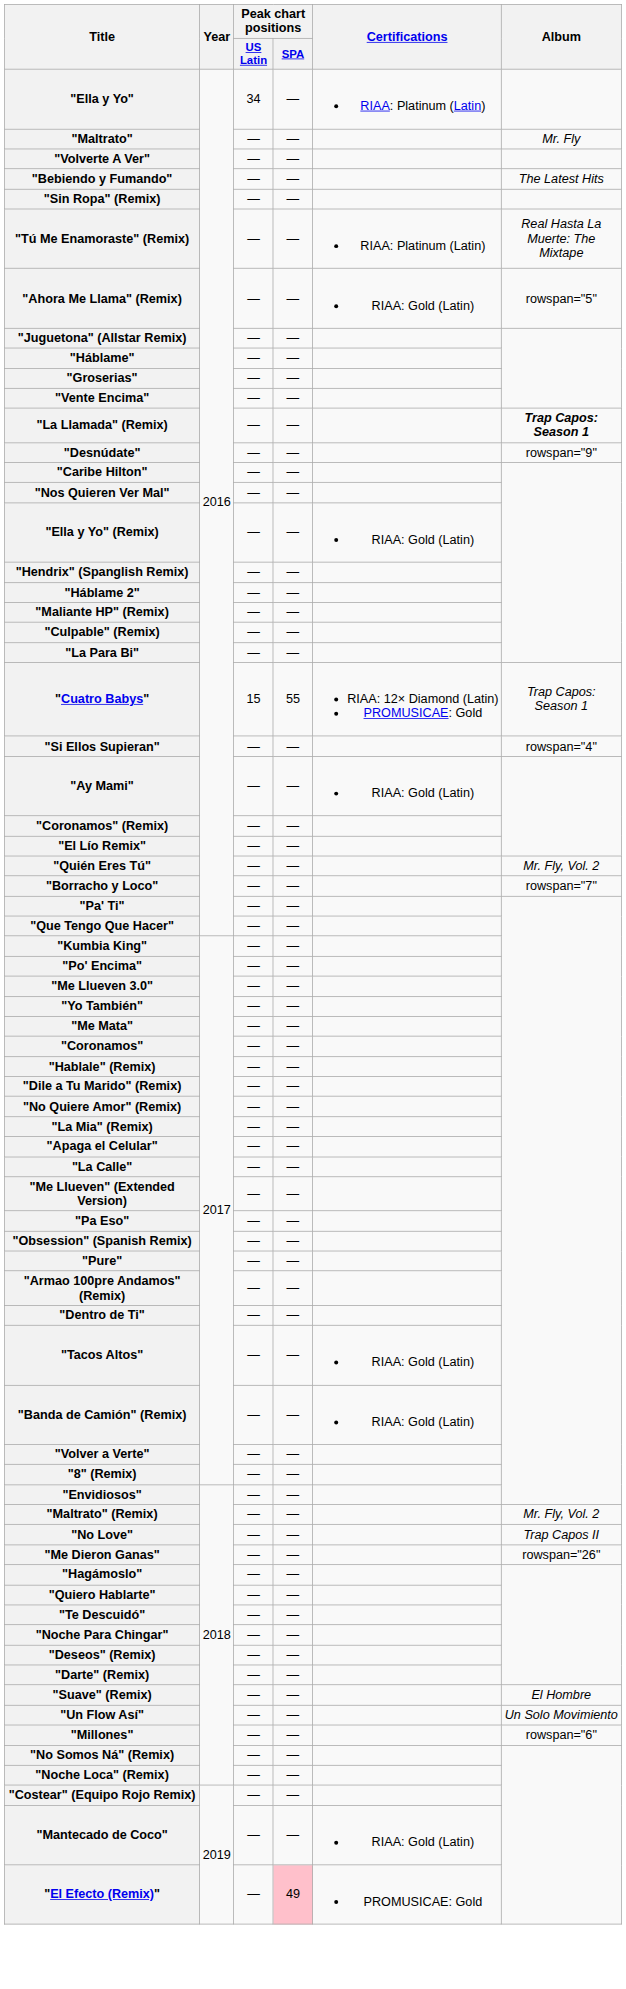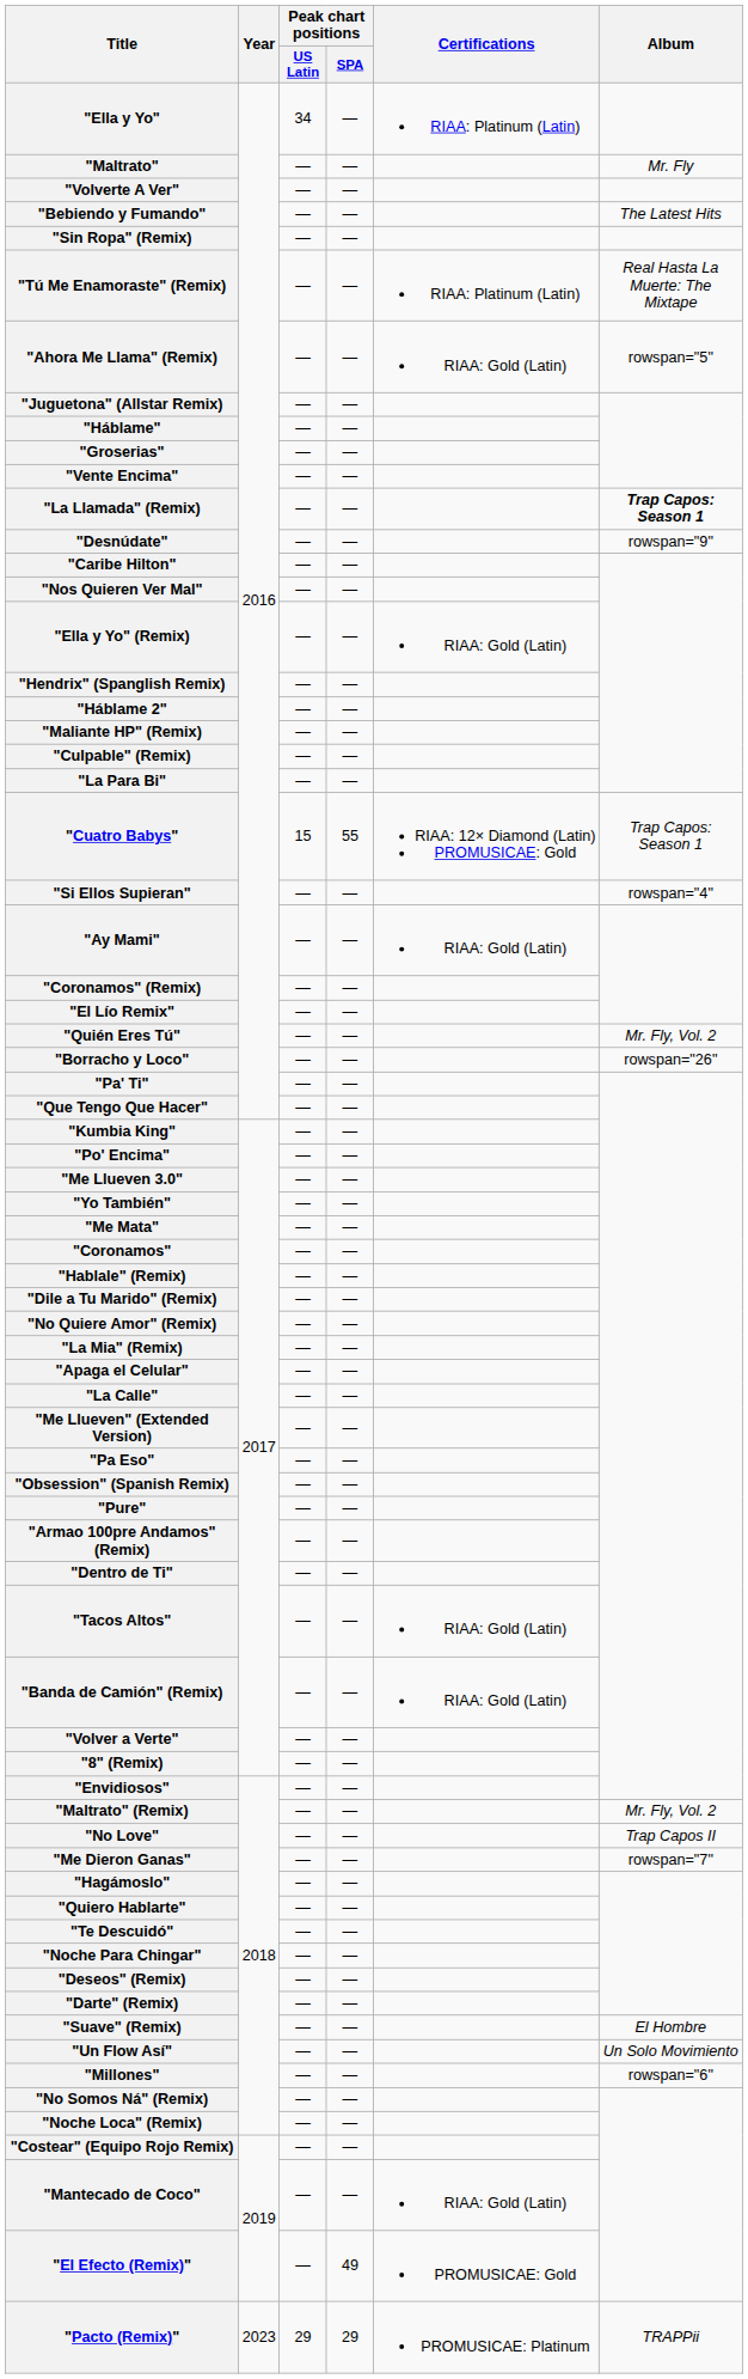 <table class="wikitable plainrowheaders" style="text-align:center;">
 <tr>
 <th scope="col" rowspan="2" style="width:15em;">Title</th>
 <th scope="col" rowspan="2" style="width:1em;">Year</th>
 <th scope="col" colspan="2">Peak chart positions</th>
 <th scope="col" rowspan="2"><a href='#'>Certifications</a></th>
 <th scope="col" rowspan="2" style="width:9em;">Album</th>
 </tr>
 <tr>
 <th scope="col" style="width:3em;font-size:90%;"><a href='#'>US<br>Latin</a><br></th>
 <th scope="col" style="width:3em;font-size:90%;"><a href='#'>SPA</a><br></th>
 </tr>
 <tr>
 <th scope="row">"Ella y Yo"<br></th>
 <td rowspan="30">2016</td>
 <td>34</td>
 <td>—</td>
 <td><br><ul><li><a href='#'>RIAA</a>: Platinum <span>(<a href='#'>Latin</a>)</span></li></ul></td>
 <td></td>
 </tr>
 <tr>
 <th scope="row">"Maltrato"<br></th>
 <td>—</td>
 <td>—</td>
 <td></td>
 <td><em>Mr. Fly</em></td>
 </tr>
 <tr>
 <th scope="row">"Volverte A Ver"<br></th>
 <td>—</td>
 <td>—</td>
 <td></td>
 <td></td>
 </tr>
 <tr>
 <th scope="row">"Bebiendo y Fumando"<br></th>
 <td>—</td>
 <td>—</td>
 <td></td>
 <td><em>The Latest Hits</em></td>
 </tr>
 <tr>
 <th scope="row">"Sin Ropa" (Remix)<br></th>
 <td>—</td>
 <td>—</td>
 <td></td>
 <td></td>
 </tr>
 <tr>
 <th scope="row">"Tú Me Enamoraste" (Remix)<br></th>
 <td>—</td>
 <td>—</td>
 <td><br><ul><li>RIAA: Platinum <span>(Latin)</span></li></ul></td>
 <td><em>Real Hasta La Muerte: The Mixtape</em></td>
 </tr>
 <tr>
 <th scope="row">"Ahora Me Llama" (Remix)<br></th>
 <td>—</td>
 <td>—</td>
 <td><br><ul><li>RIAA: Gold <span>(Latin)</span></li></ul></td>
 <td>rowspan="5" </td>
 </tr>
 <tr>
 <th scope="row">"Juguetona" (Allstar Remix)<br></th>
 <td>—</td>
 <td>—</td>
 <td></td>
 </tr>
 <tr>
 <th scope="row">"Háblame"<br></th>
 <td>—</td>
 <td>—</td>
 <td></td>
 </tr>
 <tr>
 <th scope="row">"Groserias"<br></th>
 <td>—</td>
 <td>—</td>
 <td></td>
 </tr>
 <tr>
 <th scope="row">"Vente Encima"<br></th>
 <td>—</td>
 <td>—</td>
 <td></td>
 </tr>
 <tr>
 <th scope="row">"La Llamada" (Remix)<br></th>
 <td>—</td>
 <td>—</td>
 <td></td>
 <td><strong><em>Trap Capos: Season 1</em></strong></td>
 </tr>
 <tr>
 <th scope="row">"Desnúdate"<br></th>
 <td>—</td>
 <td>—</td>
 <td></td>
 <td>rowspan="9" </td>
 </tr>
 <tr>
 <th scope="row">"Caribe Hilton"<br></th>
 <td>—</td>
 <td>—</td>
 <td></td>
 </tr>
 <tr>
 <th scope="row">"Nos Quieren Ver Mal"<br></th>
 <td>—</td>
 <td>—</td>
 <td></td>
 </tr>
 <tr>
 <th scope="row">"Ella y Yo" (Remix)<br></th>
 <td>—</td>
 <td>—</td>
 <td><br><ul><li>RIAA: Gold <span>(Latin)</span></li></ul></td>
 </tr>
 <tr>
 <th scope="row">"Hendrix" (Spanglish Remix)<br></th>
 <td>—</td>
 <td>—</td>
 <td></td>
 </tr>
 <tr>
 <th scope="row">"Háblame 2"<br></th>
 <td>—</td>
 <td>—</td>
 <td></td>
 </tr>
 <tr>
 <th scope="row">"Maliante HP" (Remix)<br></th>
 <td>—</td>
 <td>—</td>
 <td></td>
 </tr>
 <tr>
 <th scope="row">"Culpable" (Remix)<br></th>
 <td>—</td>
 <td>—</td>
 <td></td>
 </tr>
 <tr>
 <th scope="row">"La Para Bi"<br></th>
 <td>—</td>
 <td>—</td>
 <td></td>
 </tr>
 <tr>
 <th scope="row">"<a href='#'>Cuatro Babys</a>"<br></th>
 <td>15</td>
 <td>55</td>
 <td><br><ul><li>RIAA: 12× Diamond <span>(Latin)</span></li><li><a href='#'>PROMUSICAE</a>: Gold</li></ul></td>
 <td><em>Trap Capos: Season 1</em></td>
 </tr>
 <tr>
 <th scope="row">"Si Ellos Supieran"<br></th>
 <td>—</td>
 <td>—</td>
 <td></td>
 <td>rowspan="4" </td>
 </tr>
 <tr>
 <th scope="row">"Ay Mami"<br></th>
 <td>—</td>
 <td>—</td>
 <td><br><ul><li>RIAA: Gold <span>(Latin)</span></li></ul></td>
 </tr>
 <tr>
 <th scope="row">"Coronamos" (Remix)<br></th>
 <td>—</td>
 <td>—</td>
 <td></td>
 </tr>
 <tr>
 <th scope="row">"El Lío Remix"<br></th>
 <td>—</td>
 <td>—</td>
 <td></td>
 </tr>
 <tr>
 <th scope="row">"Quién Eres Tú"<br></th>
 <td>—</td>
 <td>—</td>
 <td></td>
 <td><em>Mr. Fly, Vol. 2</em></td>
 </tr>
 <tr>
 <th scope="row">"Borracho y Loco"<br></th>
 <td>—</td>
 <td>—</td>
 <td></td>
-<td>rowspan="7" </td>
+<td>rowspan="26" </td>
 </tr>
 <tr>
 <th scope="row">"Pa' Ti"<br></th>
 <td>—</td>
 <td>—</td>
 <td></td>
 </tr>
 <tr>
 <th scope="row">"Que Tengo Que Hacer"<br></th>
 <td>—</td>
 <td>—</td>
 <td></td>
 </tr>
 <tr>
 <th scope="row">"Kumbia King"<br></th>
 <td rowspan="22">2017</td>
 <td>—</td>
 <td>—</td>
 <td></td>
 </tr>
 <tr>
 <th scope="row">"Po' Encima"<br></th>
 <td>—</td>
 <td>—</td>
 <td></td>
 </tr>
 <tr>
 <th scope="row">"Me Llueven 3.0"<br></th>
 <td>—</td>
 <td>—</td>
 <td></td>
 </tr>
 <tr>
 <th scope="row">"Yo También"<br></th>
 <td>—</td>
 <td>—</td>
 <td></td>
 </tr>
 <tr>
 <th scope="row">"Me Mata"<br></th>
 <td>—</td>
 <td>—</td>
 <td></td>
 </tr>
 <tr>
 <th scope="row">"Coronamos"<br></th>
 <td>—</td>
 <td>—</td>
 <td></td>
 </tr>
 <tr>
 <th scope="row">"Hablale" (Remix)<br></th>
 <td>—</td>
 <td>—</td>
 <td></td>
 </tr>
 <tr>
 <th scope="row">"Dile a Tu Marido" (Remix)<br></th>
 <td>—</td>
 <td>—</td>
 <td></td>
 </tr>
 <tr>
 <th scope="row">"No Quiere Amor" (Remix)<br></th>
 <td>—</td>
 <td>—</td>
 <td></td>
 </tr>
 <tr>
 <th scope="row">"La Mia" (Remix)<br></th>
 <td>—</td>
 <td>—</td>
 <td></td>
 </tr>
 <tr>
 <th scope="row">"Apaga el Celular"<br></th>
 <td>—</td>
 <td>—</td>
 <td></td>
 </tr>
 <tr>
 <th scope="row">"La Calle"<br></th>
 <td>—</td>
 <td>—</td>
 <td></td>
 </tr>
 <tr>
 <th scope="row">"Me Llueven" (Extended Version)<br></th>
 <td>—</td>
 <td>—</td>
 <td></td>
 </tr>
 <tr>
 <th scope="row">"Pa Eso"<br></th>
 <td>—</td>
 <td>—</td>
 <td></td>
 </tr>
 <tr>
 <th scope="row">"Obsession" (Spanish Remix)<br></th>
 <td>—</td>
 <td>—</td>
 <td></td>
 </tr>
 <tr>
 <th scope="row">"Pure"<br></th>
 <td>—</td>
 <td>—</td>
 <td></td>
 </tr>
 <tr>
 <th scope="row">"Armao 100pre Andamos" (Remix)<br></th>
 <td>—</td>
 <td>—</td>
 <td></td>
 </tr>
 <tr>
 <th scope="row">"Dentro de Ti"<br></th>
 <td>—</td>
 <td>—</td>
 <td></td>
 </tr>
 <tr>
 <th scope="row">"Tacos Altos"<br></th>
 <td>—</td>
 <td>—</td>
 <td><br><ul><li>RIAA: Gold <span>(Latin)</span></li></ul></td>
 </tr>
 <tr>
 <th scope="row">"Banda de Camión" (Remix)<br></th>
 <td>—</td>
 <td>—</td>
 <td><br><ul><li>RIAA: Gold <span>(Latin)</span></li></ul></td>
 </tr>
 <tr>
 <th scope="row">"Volver a Verte"<br></th>
 <td>—</td>
 <td>—</td>
 <td></td>
 </tr>
 <tr>
 <th scope="row">"8" (Remix)<br></th>
 <td>—</td>
 <td>—</td>
 <td></td>
 </tr>
 <tr>
 <th scope="row">"Envidiosos"<br></th>
 <td rowspan="15">2018</td>
 <td>—</td>
 <td>—</td>
 <td></td>
 </tr>
 <tr>
 <th scope="row">"Maltrato" (Remix)<br></th>
 <td>—</td>
 <td>—</td>
 <td></td>
 <td><em>Mr. Fly, Vol. 2</em></td>
 </tr>
 <tr>
 <th scope="row">"No Love"<br></th>
 <td>—</td>
 <td>—</td>
 <td></td>
 <td><em>Trap Capos II</em></td>
 </tr>
 <tr>
 <th scope="row">"Me Dieron Ganas"<br></th>
 <td>—</td>
 <td>—</td>
 <td></td>
-<td>rowspan="26" </td>
+<td>rowspan="7" </td>
 </tr>
 <tr>
 <th scope="row">"Hagámoslo"<br></th>
 <td>—</td>
 <td>—</td>
 <td></td>
 </tr>
 <tr>
 <th scope="row">"Quiero Hablarte"<br></th>
 <td>—</td>
 <td>—</td>
 <td></td>
 </tr>
 <tr>
 <th scope="row">"Te Descuidó"<br></th>
 <td>—</td>
 <td>—</td>
 <td></td>
 </tr>
 <tr>
 <th scope="row">"Noche Para Chingar"<br></th>
 <td>—</td>
 <td>—</td>
 <td></td>
 </tr>
 <tr>
 <th scope="row">"Deseos" (Remix)<br></th>
 <td>—</td>
 <td>—</td>
 <td></td>
 </tr>
 <tr>
 <th scope="row">"Darte" (Remix)<br></th>
 <td>—</td>
 <td>—</td>
 <td></td>
 </tr>
 <tr>
 <th scope="row">"Suave" (Remix)<br></th>
 <td>—</td>
 <td>—</td>
 <td></td>
 <td><em>El Hombre</em></td>
 </tr>
 <tr>
 <th scope="row">"Un Flow Así"<br></th>
 <td>—</td>
 <td>—</td>
 <td></td>
 <td><em>Un Solo Movimiento</em></td>
 </tr>
 <tr>
 <th scope="row">"Millones"<br></th>
 <td>—</td>
 <td>—</td>
 <td></td>
 <td>rowspan="6" </td>
 </tr>
 <tr>
 <th scope="row">"No Somos Ná" (Remix)<br></th>
 <td>—</td>
 <td>—</td>
 <td></td>
 </tr>
 <tr>
 <th scope="row">"Noche Loca" (Remix)<br></th>
 <td>—</td>
 <td>—</td>
 <td></td>
 </tr>
 <tr>
 <th scope="row">"Costear" (Equipo Rojo Remix)<br></th>
 <td rowspan="3">2019</td>
 <td>—</td>
 <td>—</td>
 <td></td>
 </tr>
 <tr>
 <th scope="row">"Mantecado de Coco"<br></th>
 <td>—</td>
 <td>—</td>
 <td><br><ul><li>RIAA: Gold <span>(Latin)</span></li></ul></td>
 </tr>
 <tr>
 <th scope="row">"<a href='#'>El Efecto (Remix)</a>"<br></th>
 <td>—</td>
-<td style="background: pink;">49</td>
+<td>49</td>
 <td><br><ul><li>PROMUSICAE: Gold</li></ul></td>
 </tr>
+<tr>
+<th scope="row">"<a href='#'>Pacto (Remix)</a>"<br></th>
+<td>2023</td>
+<td>29</td>
+<td>29</td>
+<td><br><ul><li>PROMUSICAE: Platinum</li></ul></td>
+<td><em>TRAPPii</em></td>
+</tr>
 </table>
